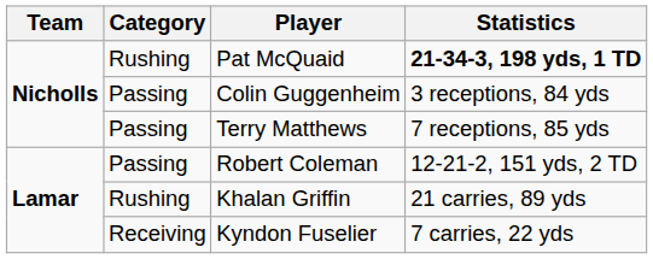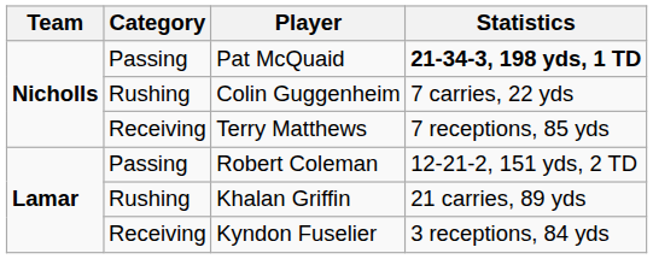 <table class="wikitable" style="float: right;">
 <tr>
 <th>Team</th>
 <th>Category</th>
 <th>Player</th>
 <th>Statistics</th>
 </tr>
 <tr>
 <td rowspan=3><strong>Nicholls</strong></td>
-<td>Rushing</td>
+<td>Passing</td>
 <td>Pat McQuaid</td>
 <td><strong>21-34-3, 198 yds, 1 TD</strong></td>
 </tr>
 <tr>
-<td>Passing</td>
+<td>Rushing</td>
 <td>Colin Guggenheim</td>
-<td>3 receptions, 84 yds</td>
+<td>7 carries, 22 yds</td>
 </tr>
 <tr>
-<td>Passing</td>
+<td>Receiving</td>
 <td>Terry Matthews</td>
 <td>7 receptions, 85 yds</td>
 </tr>
 <tr>
 <td rowspan=3><strong>Lamar</strong></td>
 <td>Passing</td>
 <td>Robert Coleman</td>
 <td>12-21-2, 151 yds, 2 TD</td>
 </tr>
 <tr>
 <td>Rushing</td>
 <td>Khalan Griffin</td>
 <td>21 carries, 89 yds</td>
 </tr>
 <tr>
 <td>Receiving</td>
 <td>Kyndon Fuselier</td>
-<td>7 carries, 22 yds</td>
+<td>3 receptions, 84 yds</td>
 </tr>
 </table>
